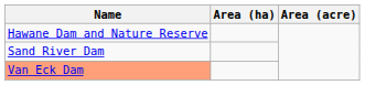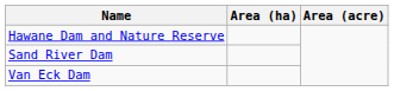 <table class="wikitable sortable">
 <tr>
 <th scope="col" align=left>Name</th>
 <th scope="col">Area (ha)</th>
 <th scope="col">Area (acre)</th>
 </tr>
 <tr ---->
 <td><a href='#'>Hawane Dam and Nature Reserve</a></td>
 <td></td>
 </tr>
 <tr ---->
 <td><a href='#'>Sand River Dam</a></td>
 <td></td>
 </tr>
 <tr ---->
-<td style="background: lightsalmon;"><a href='#'>Van Eck Dam</a></td>
+<td><a href='#'>Van Eck Dam</a></td>
 <td></td>
 </tr>
 </table>
